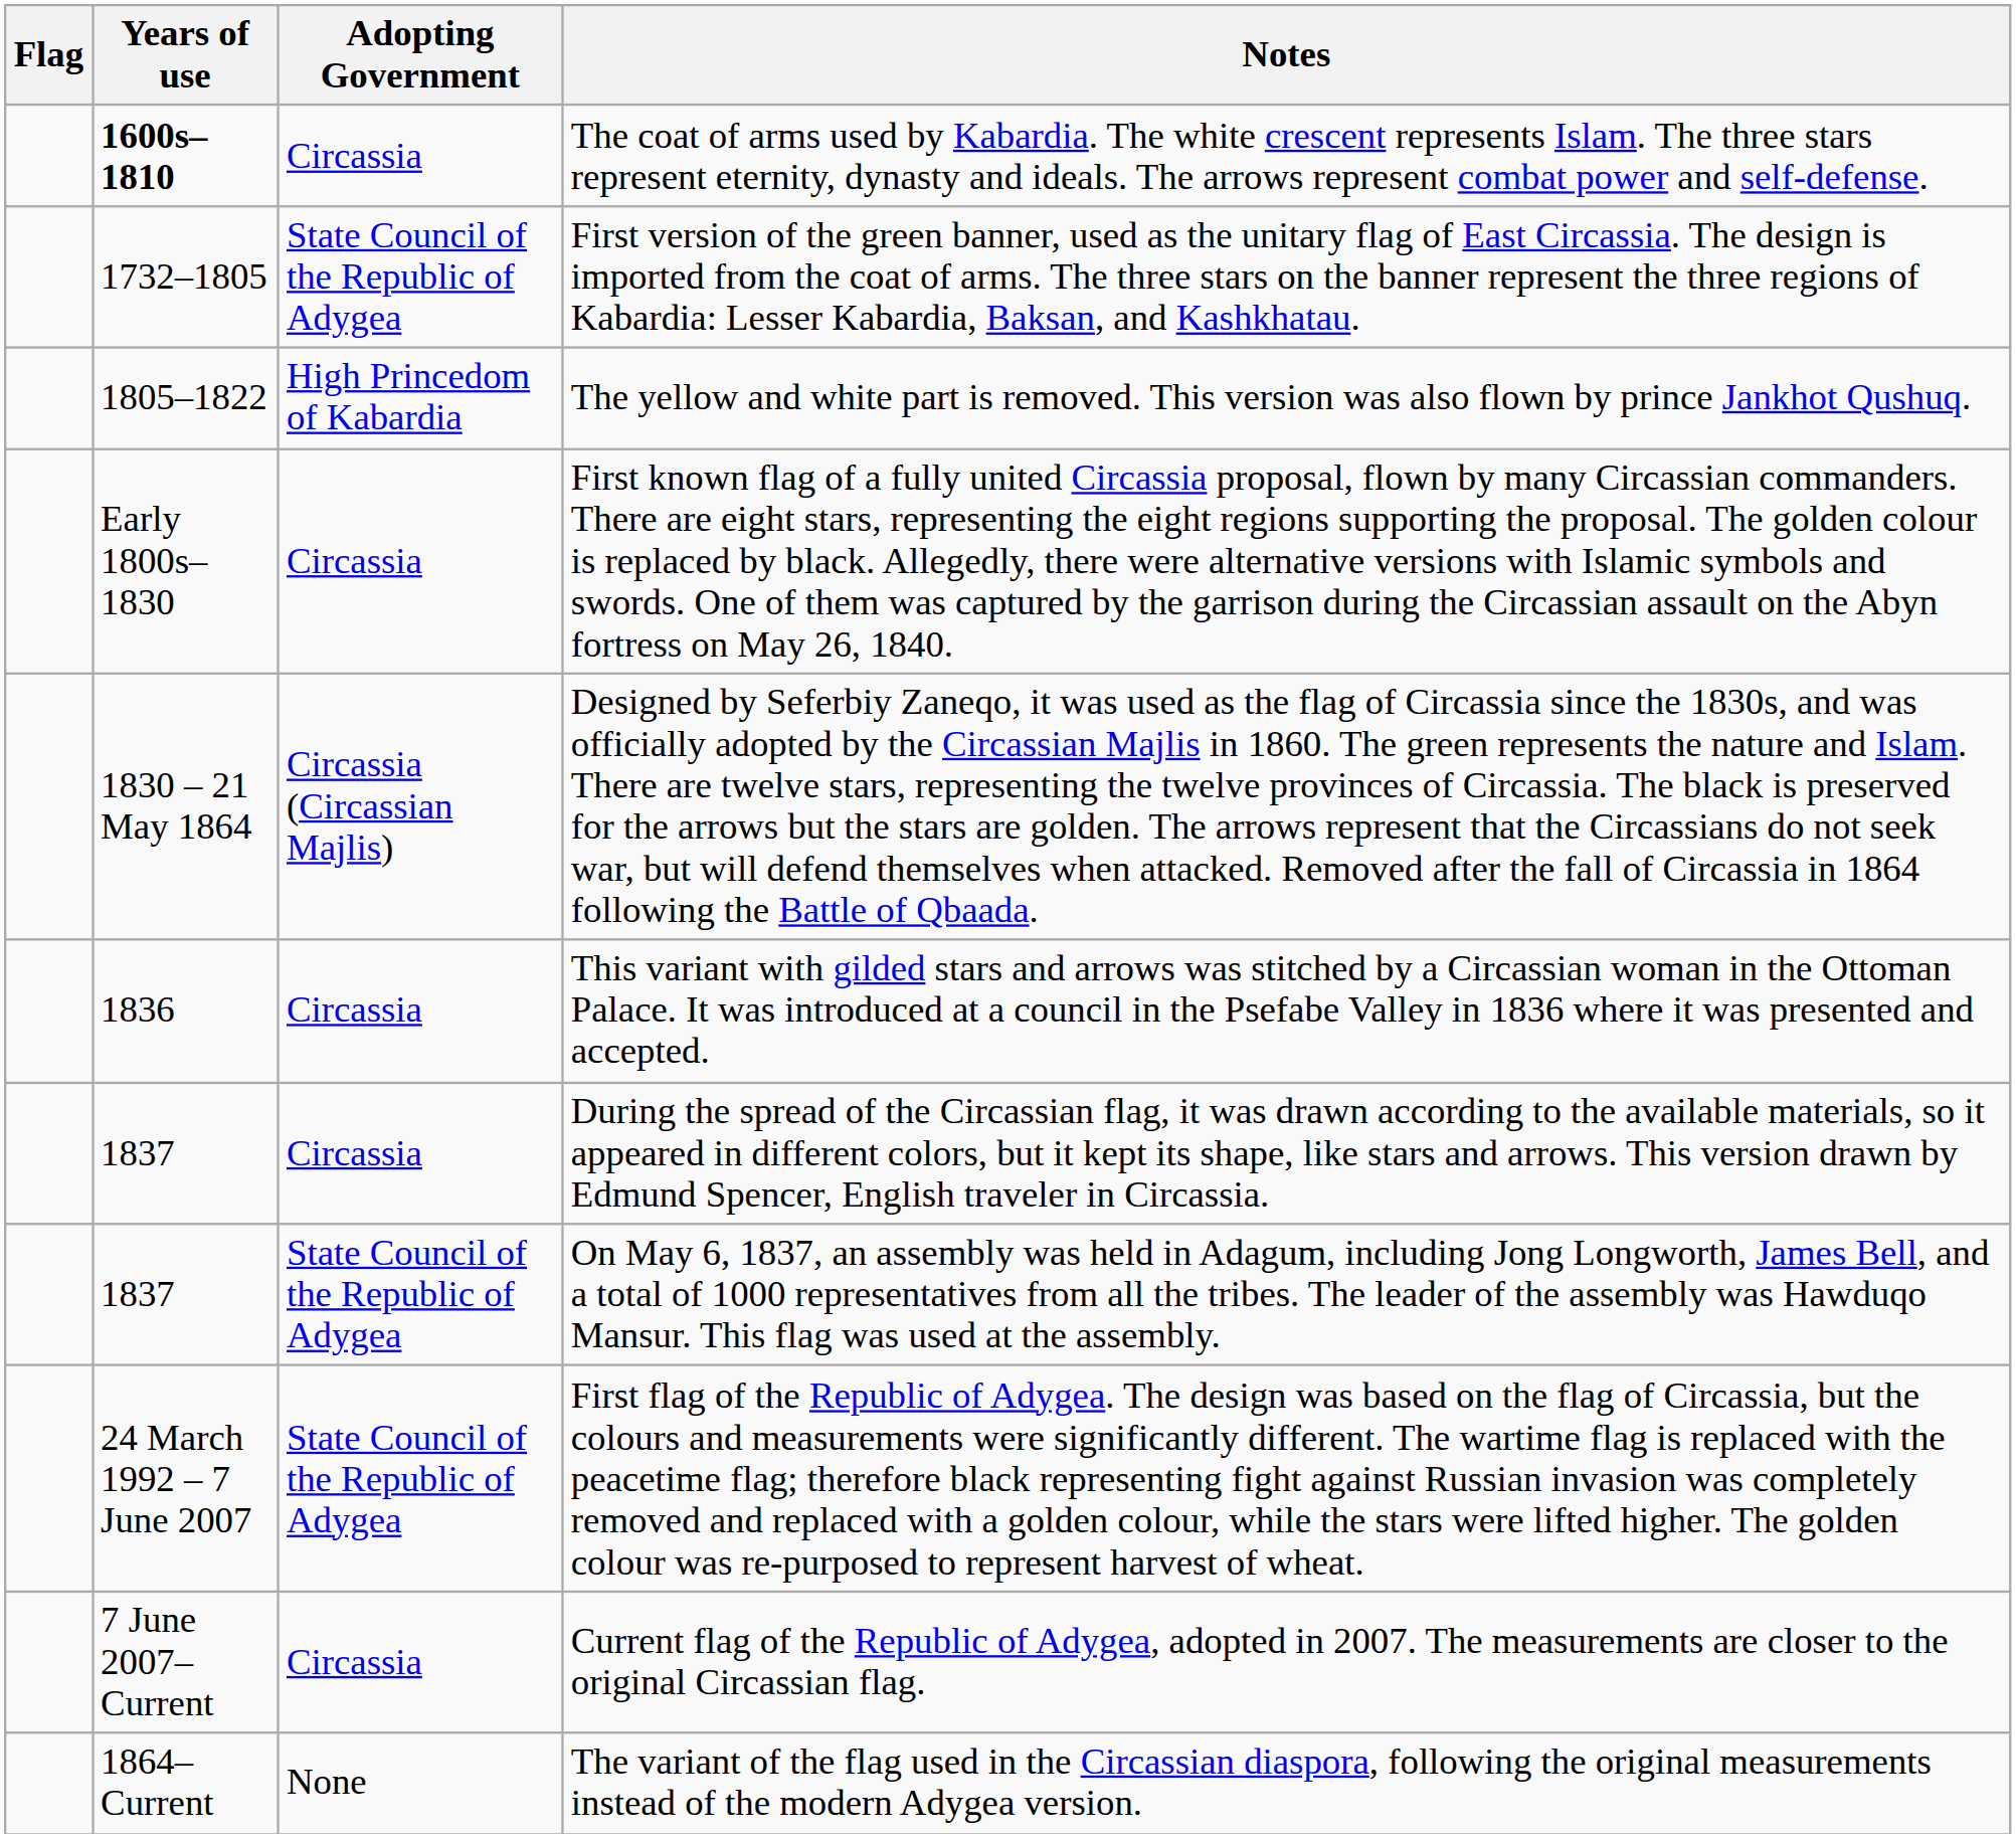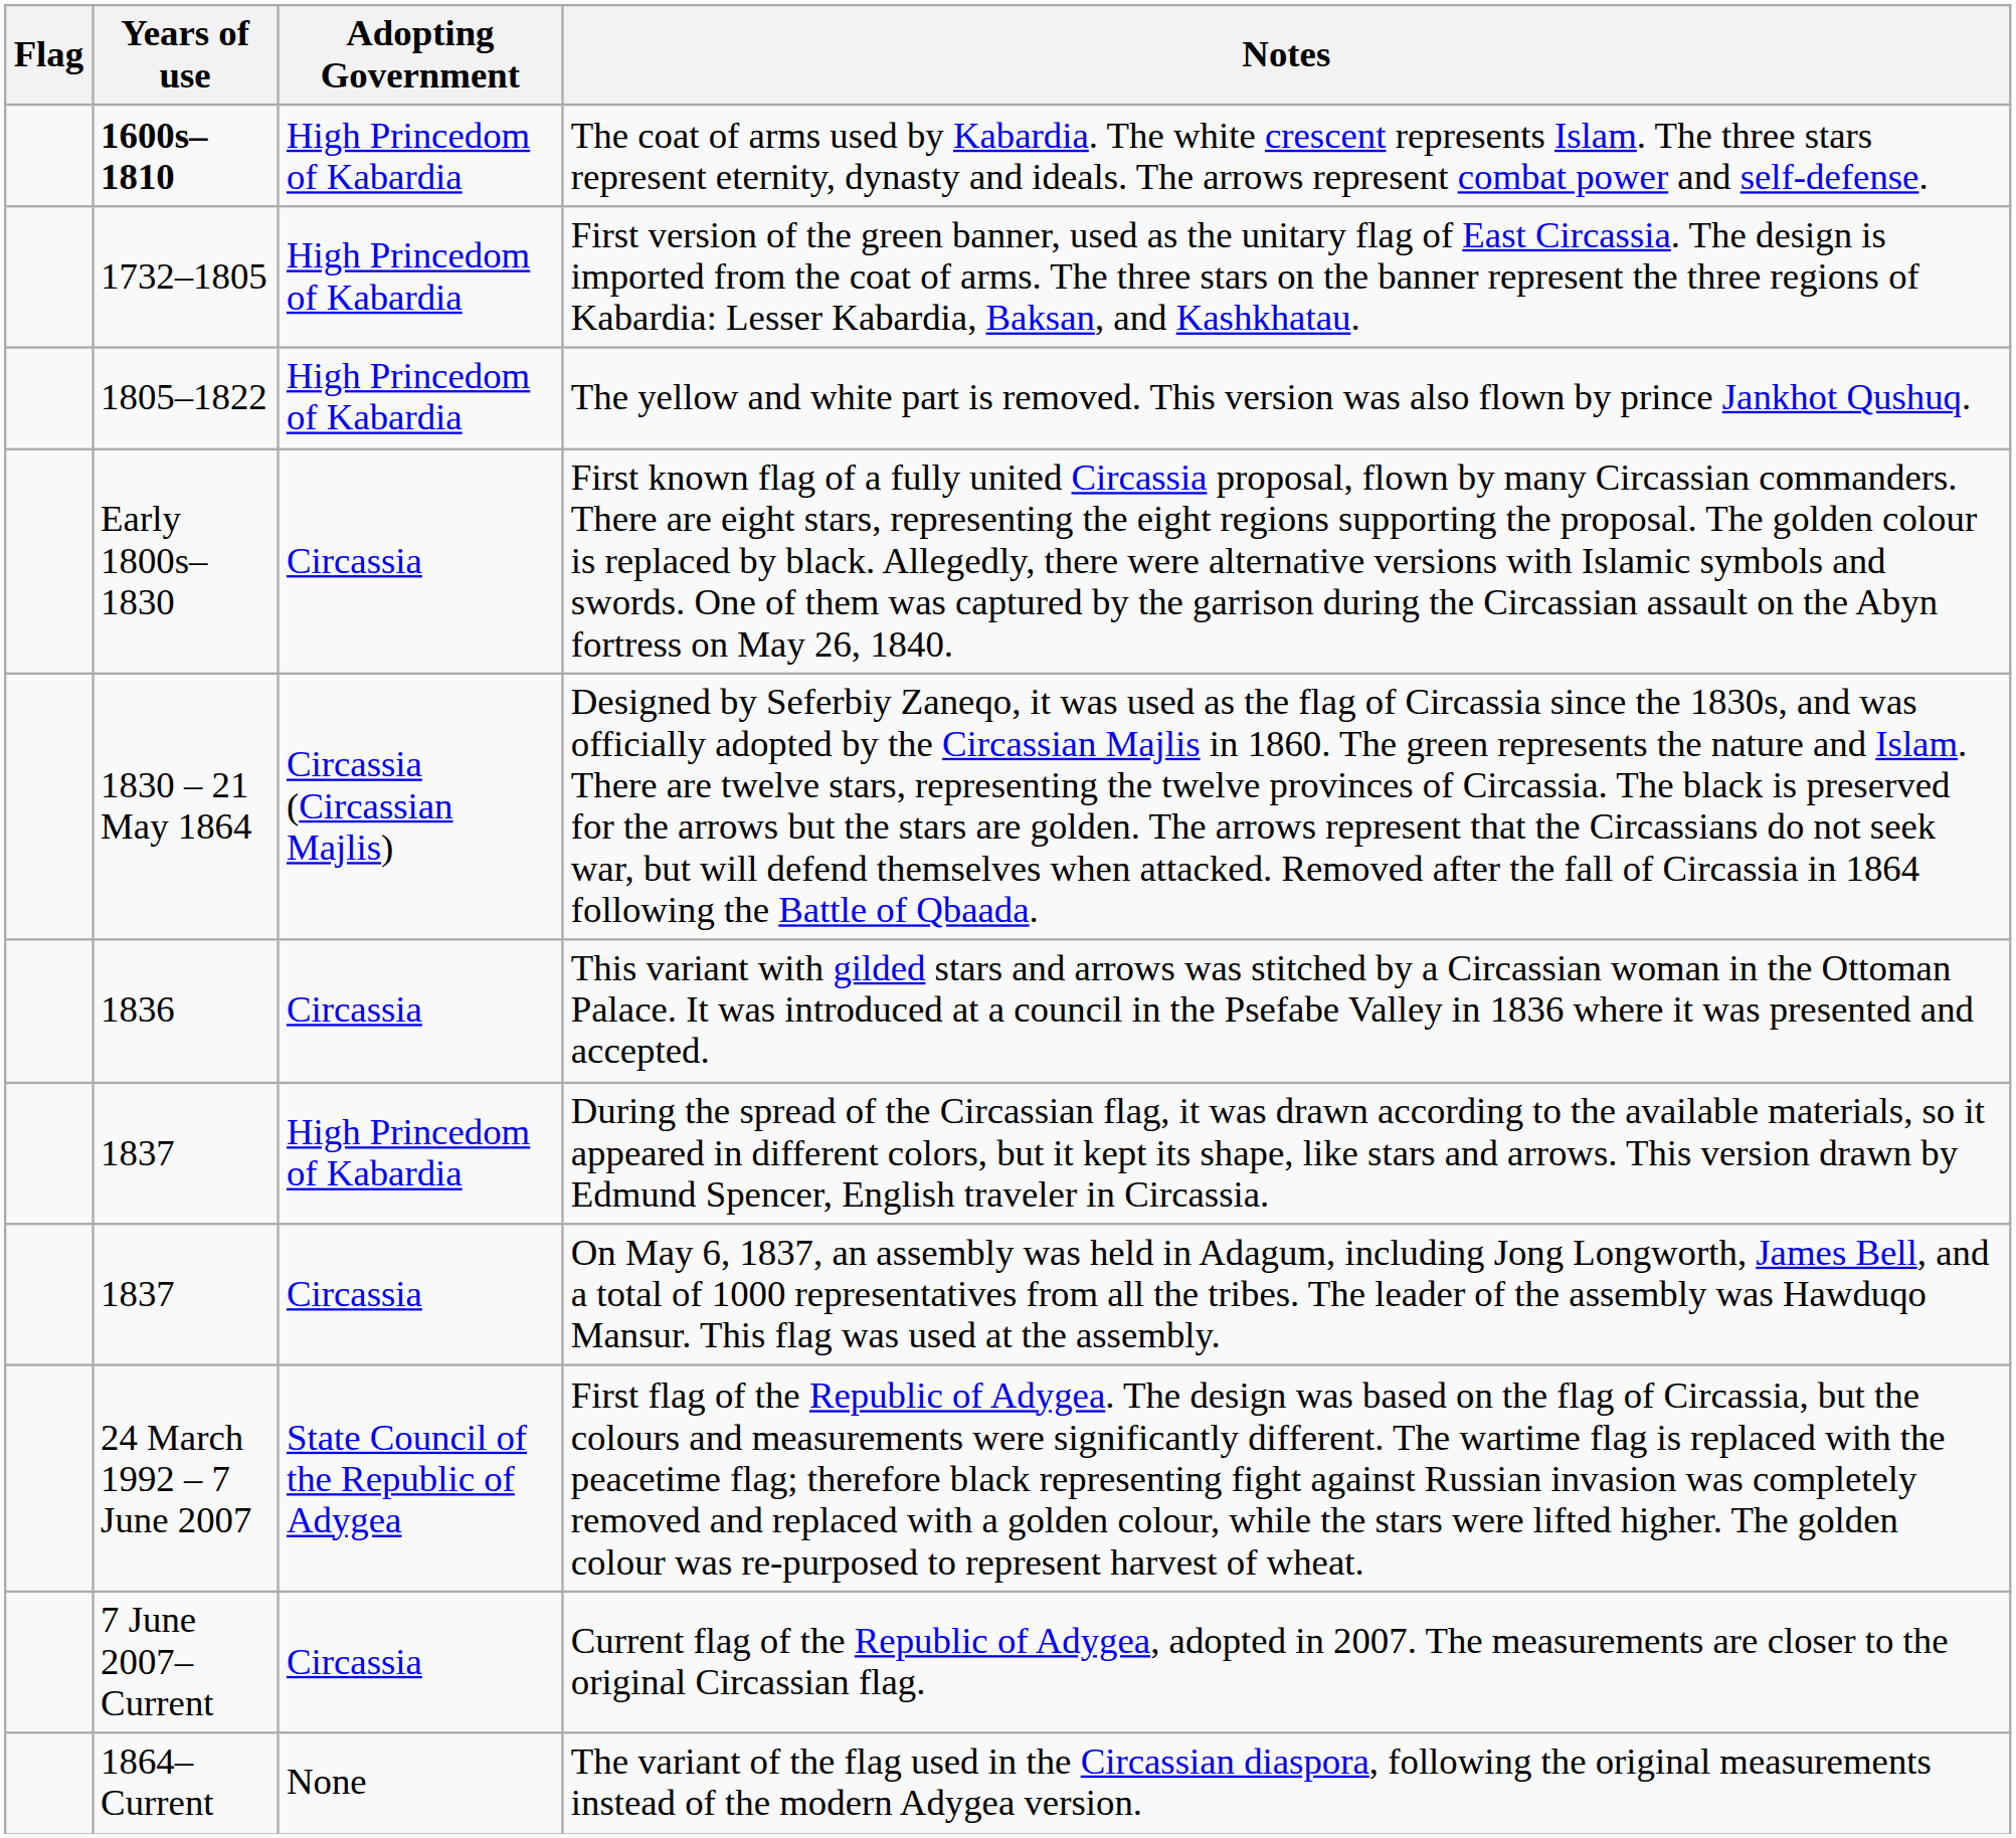 <table class="wikitable">
 <tr>
 <th>Flag</th>
 <th>Years of use</th>
 <th>Adopting Government</th>
 <th>Notes</th>
 </tr>
 <tr>
 <td></td>
 <td><strong>1600s–1810</strong></td>
-<td><a href='#'>Circassia</a></td>
+<td><a href='#'>High Princedom of Kabardia</a></td>
 <td>The coat of arms used by <a href='#'>Kabardia</a>. The white <a href='#'>crescent</a> represents <a href='#'>Islam</a>. The three stars represent eternity, dynasty and ideals. The arrows represent <a href='#'>combat power</a> and <a href='#'>self-defense</a>.</td>
 </tr>
 <tr>
 <td></td>
 <td>1732–1805</td>
-<td><a href='#'>State Council of the Republic of Adygea</a></td>
+<td><a href='#'>High Princedom of Kabardia</a></td>
 <td>First version of the green banner, used as the unitary flag of <a href='#'>East Circassia</a>. The design is imported from the coat of arms. The three stars on the banner represent the three regions of Kabardia: Lesser Kabardia, <a href='#'>Baksan</a>, and <a href='#'>Kashkhatau</a>.</td>
 </tr>
 <tr>
 <td></td>
 <td>1805–1822</td>
 <td><a href='#'>High Princedom of Kabardia</a></td>
 <td>The yellow and white part is removed. This version was also flown by prince <a href='#'>Jankhot Qushuq</a>.</td>
 </tr>
 <tr>
 <td></td>
 <td>Early 1800s– 1830</td>
 <td><a href='#'>Circassia</a></td>
 <td>First known flag of a fully united <a href='#'>Circassia</a> proposal, flown by many Circassian commanders. There are eight stars, representing the eight regions supporting the proposal. The golden colour is replaced by black. Allegedly, there were alternative versions with Islamic symbols and swords. One of them was captured by the garrison during the Circassian assault on the Abyn fortress on May 26, 1840.</td>
 </tr>
 <tr>
 <td></td>
 <td>1830 – 21 May 1864</td>
 <td><a href='#'>Circassia</a><br>(<a href='#'>Circassian Majlis</a>)</td>
 <td>Designed by Seferbiy Zaneqo, it was used as the flag of Circassia since the 1830s, and was officially adopted by the <a href='#'>Circassian Majlis</a> in 1860. The green represents the nature and <a href='#'>Islam</a>. There are twelve stars, representing the twelve provinces of Circassia. The black is preserved for the arrows but the stars are golden. The arrows represent that the Circassians do not seek war, but will defend themselves when attacked. Removed after the fall of Circassia in 1864 following the <a href='#'>Battle of Qbaada</a>.</td>
 </tr>
 <tr>
 <td></td>
 <td>1836</td>
 <td><a href='#'>Circassia</a></td>
 <td>This variant with <a href='#'>gilded</a> stars and arrows was stitched by a Circassian woman in the Ottoman Palace. It was introduced at a council in the Psefabe Valley in 1836 where it was presented and accepted.</td>
 </tr>
 <tr>
 <td></td>
 <td>1837</td>
-<td><a href='#'>Circassia</a></td>
+<td><a href='#'>High Princedom of Kabardia</a></td>
 <td>During the spread of the Circassian flag, it was drawn according to the available materials, so it appeared in different colors, but it kept its shape, like stars and arrows. This version drawn by Edmund Spencer, English traveler in Circassia.</td>
 </tr>
 <tr>
 <td></td>
 <td>1837</td>
-<td><a href='#'>State Council of the Republic of Adygea</a></td>
+<td><a href='#'>Circassia</a></td>
 <td>On May 6, 1837, an assembly was held in Adagum, including Jong Longworth, <a href='#'>James Bell</a>, and a total of 1000 representatives from all the tribes. The leader of the assembly was Hawduqo Mansur. This flag was used at the assembly.</td>
 </tr>
 <tr>
 <td></td>
 <td>24 March 1992 – 7 June 2007</td>
 <td><a href='#'>State Council of the Republic of Adygea</a></td>
 <td>First flag of the <a href='#'>Republic of Adygea</a>. The design was based on the flag of Circassia, but the colours and measurements were significantly different. The wartime flag is replaced with the peacetime flag; therefore black representing fight against Russian invasion was completely removed and replaced with a golden colour, while the stars were lifted higher. The golden colour was re-purposed to represent harvest of wheat.</td>
 </tr>
 <tr>
 <td></td>
 <td>7 June 2007–Current</td>
 <td><a href='#'>Circassia</a></td>
 <td>Current flag of the <a href='#'>Republic of Adygea</a>, adopted in 2007. The measurements are closer to the original Circassian flag.</td>
 </tr>
 <tr>
 <td></td>
 <td>1864–Current</td>
 <td>None</td>
 <td>The variant of the flag used in the <a href='#'>Circassian diaspora</a>, following the original measurements instead of the modern Adygea version.</td>
 </tr>
 </table>
